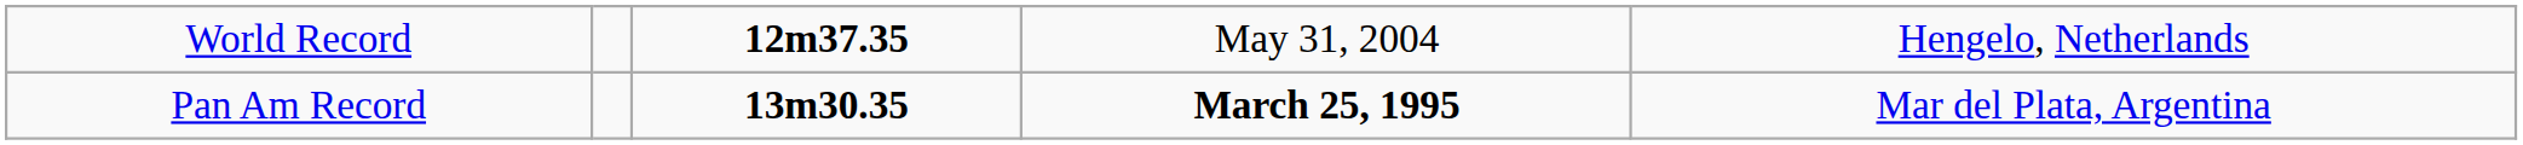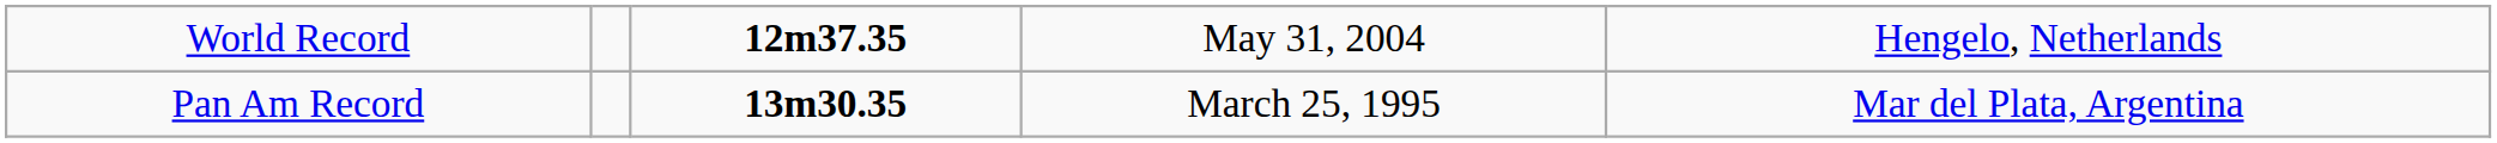 <table class="wikitable" style=" text-align:center; font-size:95%;" width="75%">
 <tr>
 <td><a href='#'>World Record</a></td>
 <td></td>
 <td><strong>12m37.35</strong></td>
 <td>May 31, 2004</td>
 <td> <a href='#'>Hengelo</a>, <a href='#'>Netherlands</a></td>
 </tr>
 <tr>
 <td><a href='#'>Pan Am Record</a></td>
 <td></td>
 <td><strong>13m30.35</strong></td>
-<td><strong>March 25, 1995</strong></td>
+<td>March 25, 1995</td>
 <td> <a href='#'>Mar del Plata, Argentina</a></td>
 </tr>
 </table>
